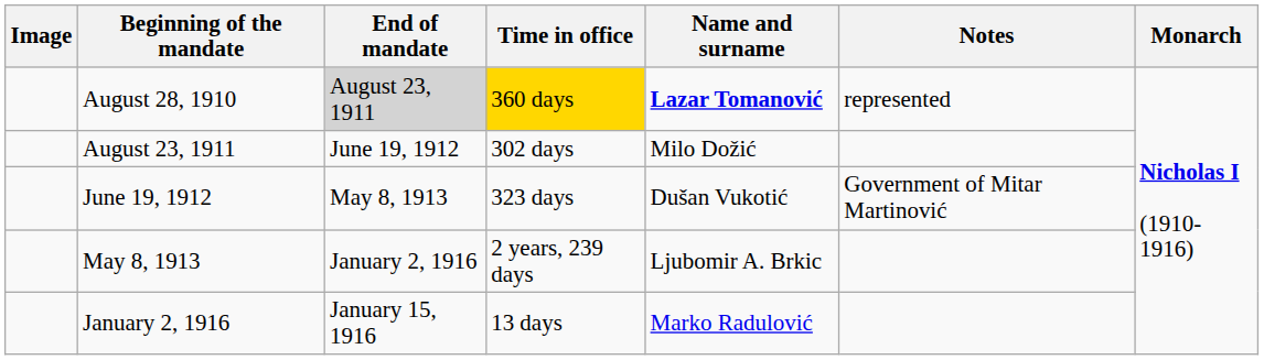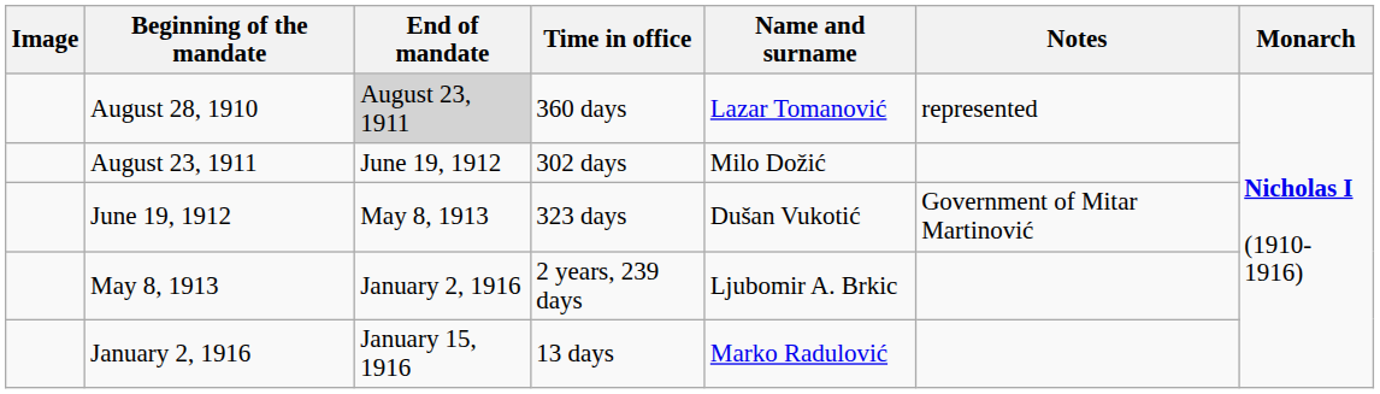 <table class="wikitable">
 <tr>
 <th>Image</th>
 <th>Beginning of the mandate</th>
 <th>End of mandate</th>
 <th>Time in office</th>
 <th>Name and surname</th>
 <th>Notes</th>
 <th>Monarch</th>
 </tr>
 <tr>
 <td></td>
 <td>August 28, 1910</td>
 <td style="background: lightgrey;">August 23, 1911</td>
-<td style="background: gold;">360 days</td>
-<td><strong><a href='#'>Lazar Tomanović</a></strong></td>
+<td>360 days</td>
+<td><a href='#'>Lazar Tomanović</a></td>
 <td>represented</td>
 <td rowspan="5"><strong><a href='#'>Nicholas I</a></strong><br><br>(1910-1916)</td>
 </tr>
 <tr>
 <td></td>
 <td>August 23, 1911</td>
 <td>June 19, 1912</td>
 <td>302 days</td>
 <td>Milo Dožić</td>
 <td></td>
 </tr>
 <tr>
 <td></td>
 <td>June 19, 1912</td>
 <td>May 8, 1913</td>
 <td>323 days</td>
 <td>Dušan Vukotić</td>
 <td>Government of Mitar Martinović</td>
 </tr>
 <tr>
 <td></td>
 <td>May 8, 1913</td>
 <td>January 2, 1916</td>
 <td>2 years, 239 days</td>
 <td>Ljubomir A. Brkic</td>
 <td></td>
 </tr>
 <tr>
 <td></td>
 <td>January 2, 1916</td>
 <td>January 15, 1916</td>
 <td>13 days</td>
 <td><a href='#'>Marko Radulović</a></td>
 </tr>
 </table>
